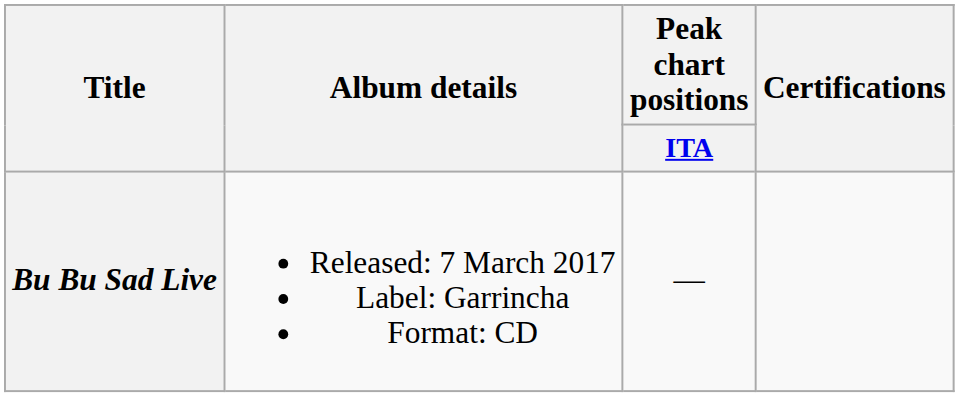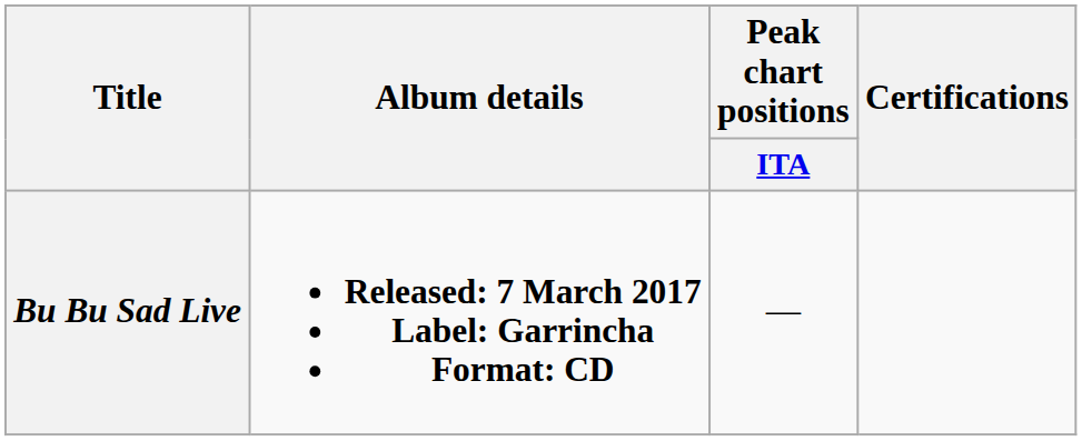 <table class="wikitable plainrowheaders" style="text-align:center;">
 <tr>
 <th scope="col" rowspan="2">Title</th>
 <th scope="col" rowspan="2">Album details</th>
 <th scope="col">Peak chart positions</th>
 <th scope="col" rowspan="2">Certifications</th>
 </tr>
 <tr>
 <th scope="col" style="width:3em;font-size:90%;"><a href='#'>ITA</a></th>
 </tr>
 <tr>
 <th scope="row"><em>Bu Bu Sad Live</em></th>
-<td><br><ul><li>Released: 7 March 2017</li><li>Label: Garrincha</li><li>Format: CD</li></ul></td>
+<td><strong><br><ul><li>Released: 7 March 2017</li><li>Label: Garrincha</li><li>Format: CD</li></ul></strong></td>
 <td>—</td>
 <td></td>
 </tr>
 </table>
